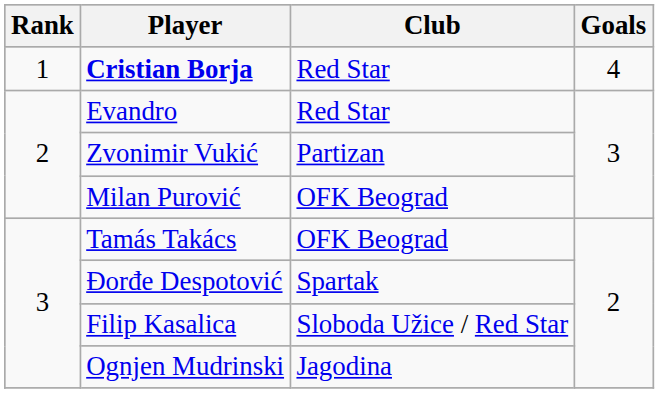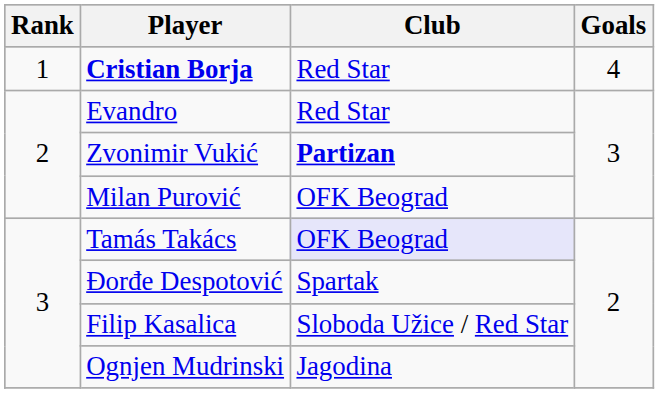 <table class="wikitable">
 <tr>
 <th>Rank</th>
 <th>Player</th>
 <th>Club</th>
 <th align=center>Goals</th>
 </tr>
 <tr>
 <td style="text-align:center">1</td>
 <td><strong> <a href='#'>Cristian Borja</a></strong></td>
 <td><a href='#'>Red Star</a></td>
 <td style="text-align:center">4</td>
 </tr>
 <tr>
 <td rowspan=3 style="text-align:center">2</td>
 <td> <a href='#'>Evandro</a></td>
 <td><a href='#'>Red Star</a></td>
 <td rowspan=3 style="text-align:center">3</td>
 </tr>
 <tr>
 <td> <a href='#'>Zvonimir Vukić</a></td>
-<td><a href='#'>Partizan</a></td>
+<td><strong><a href='#'>Partizan</a></strong></td>
 </tr>
 <tr>
 <td> <a href='#'>Milan Purović</a></td>
 <td><a href='#'>OFK Beograd</a></td>
 </tr>
 <tr>
 <td rowspan=4 style="text-align:center">3</td>
 <td> <a href='#'>Tamás Takács</a></td>
-<td><a href='#'>OFK Beograd</a></td>
+<td style="background: lavender;"><a href='#'>OFK Beograd</a></td>
 <td rowspan=4 style="text-align:center">2</td>
 </tr>
 <tr>
 <td> <a href='#'>Đorđe Despotović</a></td>
 <td><a href='#'>Spartak</a></td>
 </tr>
 <tr>
 <td> <a href='#'>Filip Kasalica</a></td>
 <td><a href='#'>Sloboda Užice</a> / <a href='#'>Red Star</a></td>
 </tr>
 <tr>
 <td> <a href='#'>Ognjen Mudrinski</a></td>
 <td><a href='#'>Jagodina</a></td>
 </tr>
 </table>
